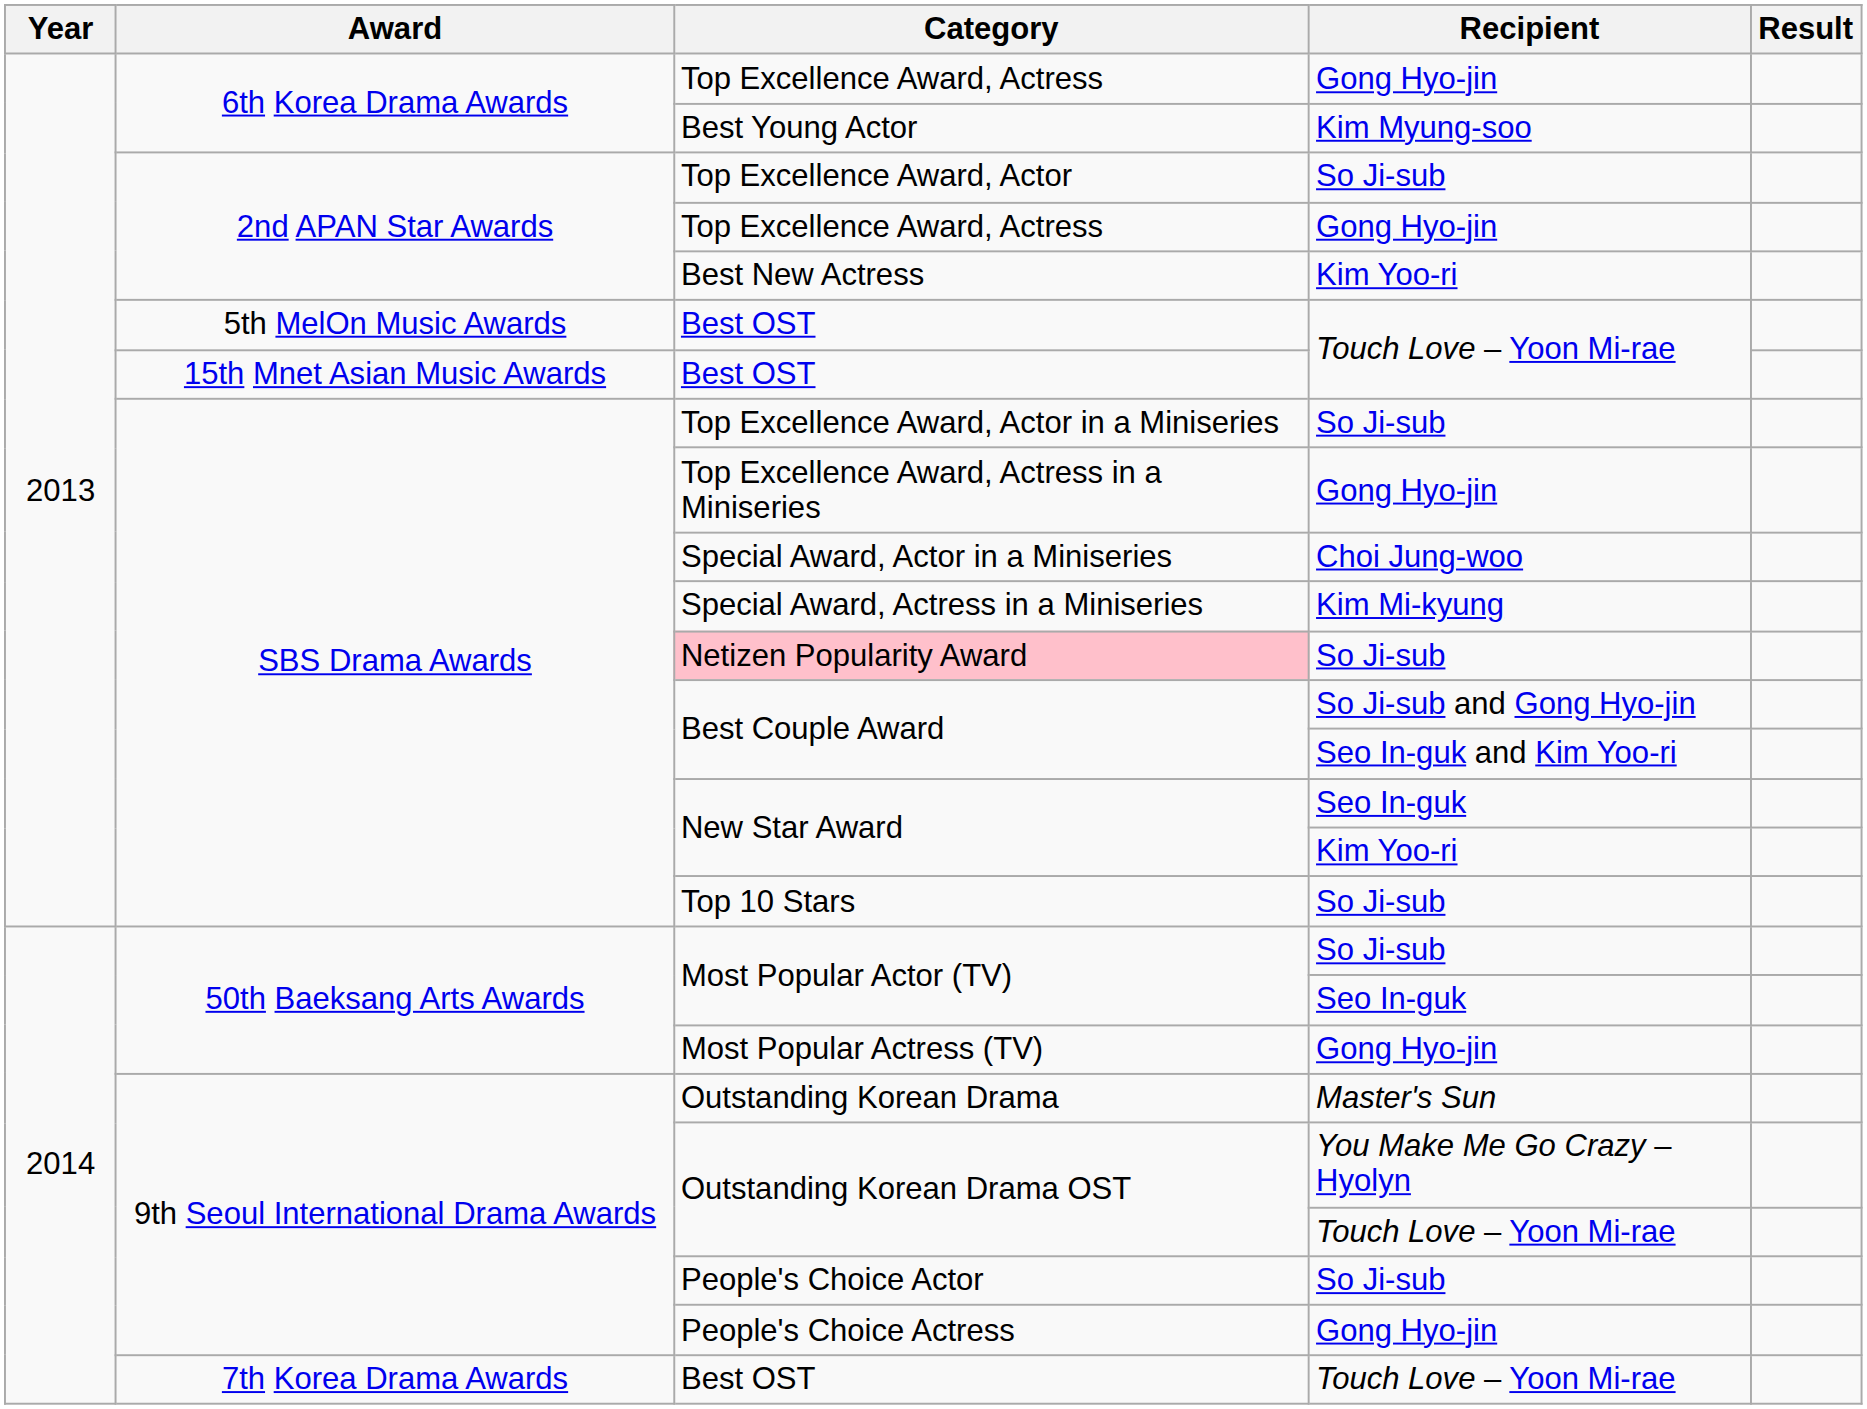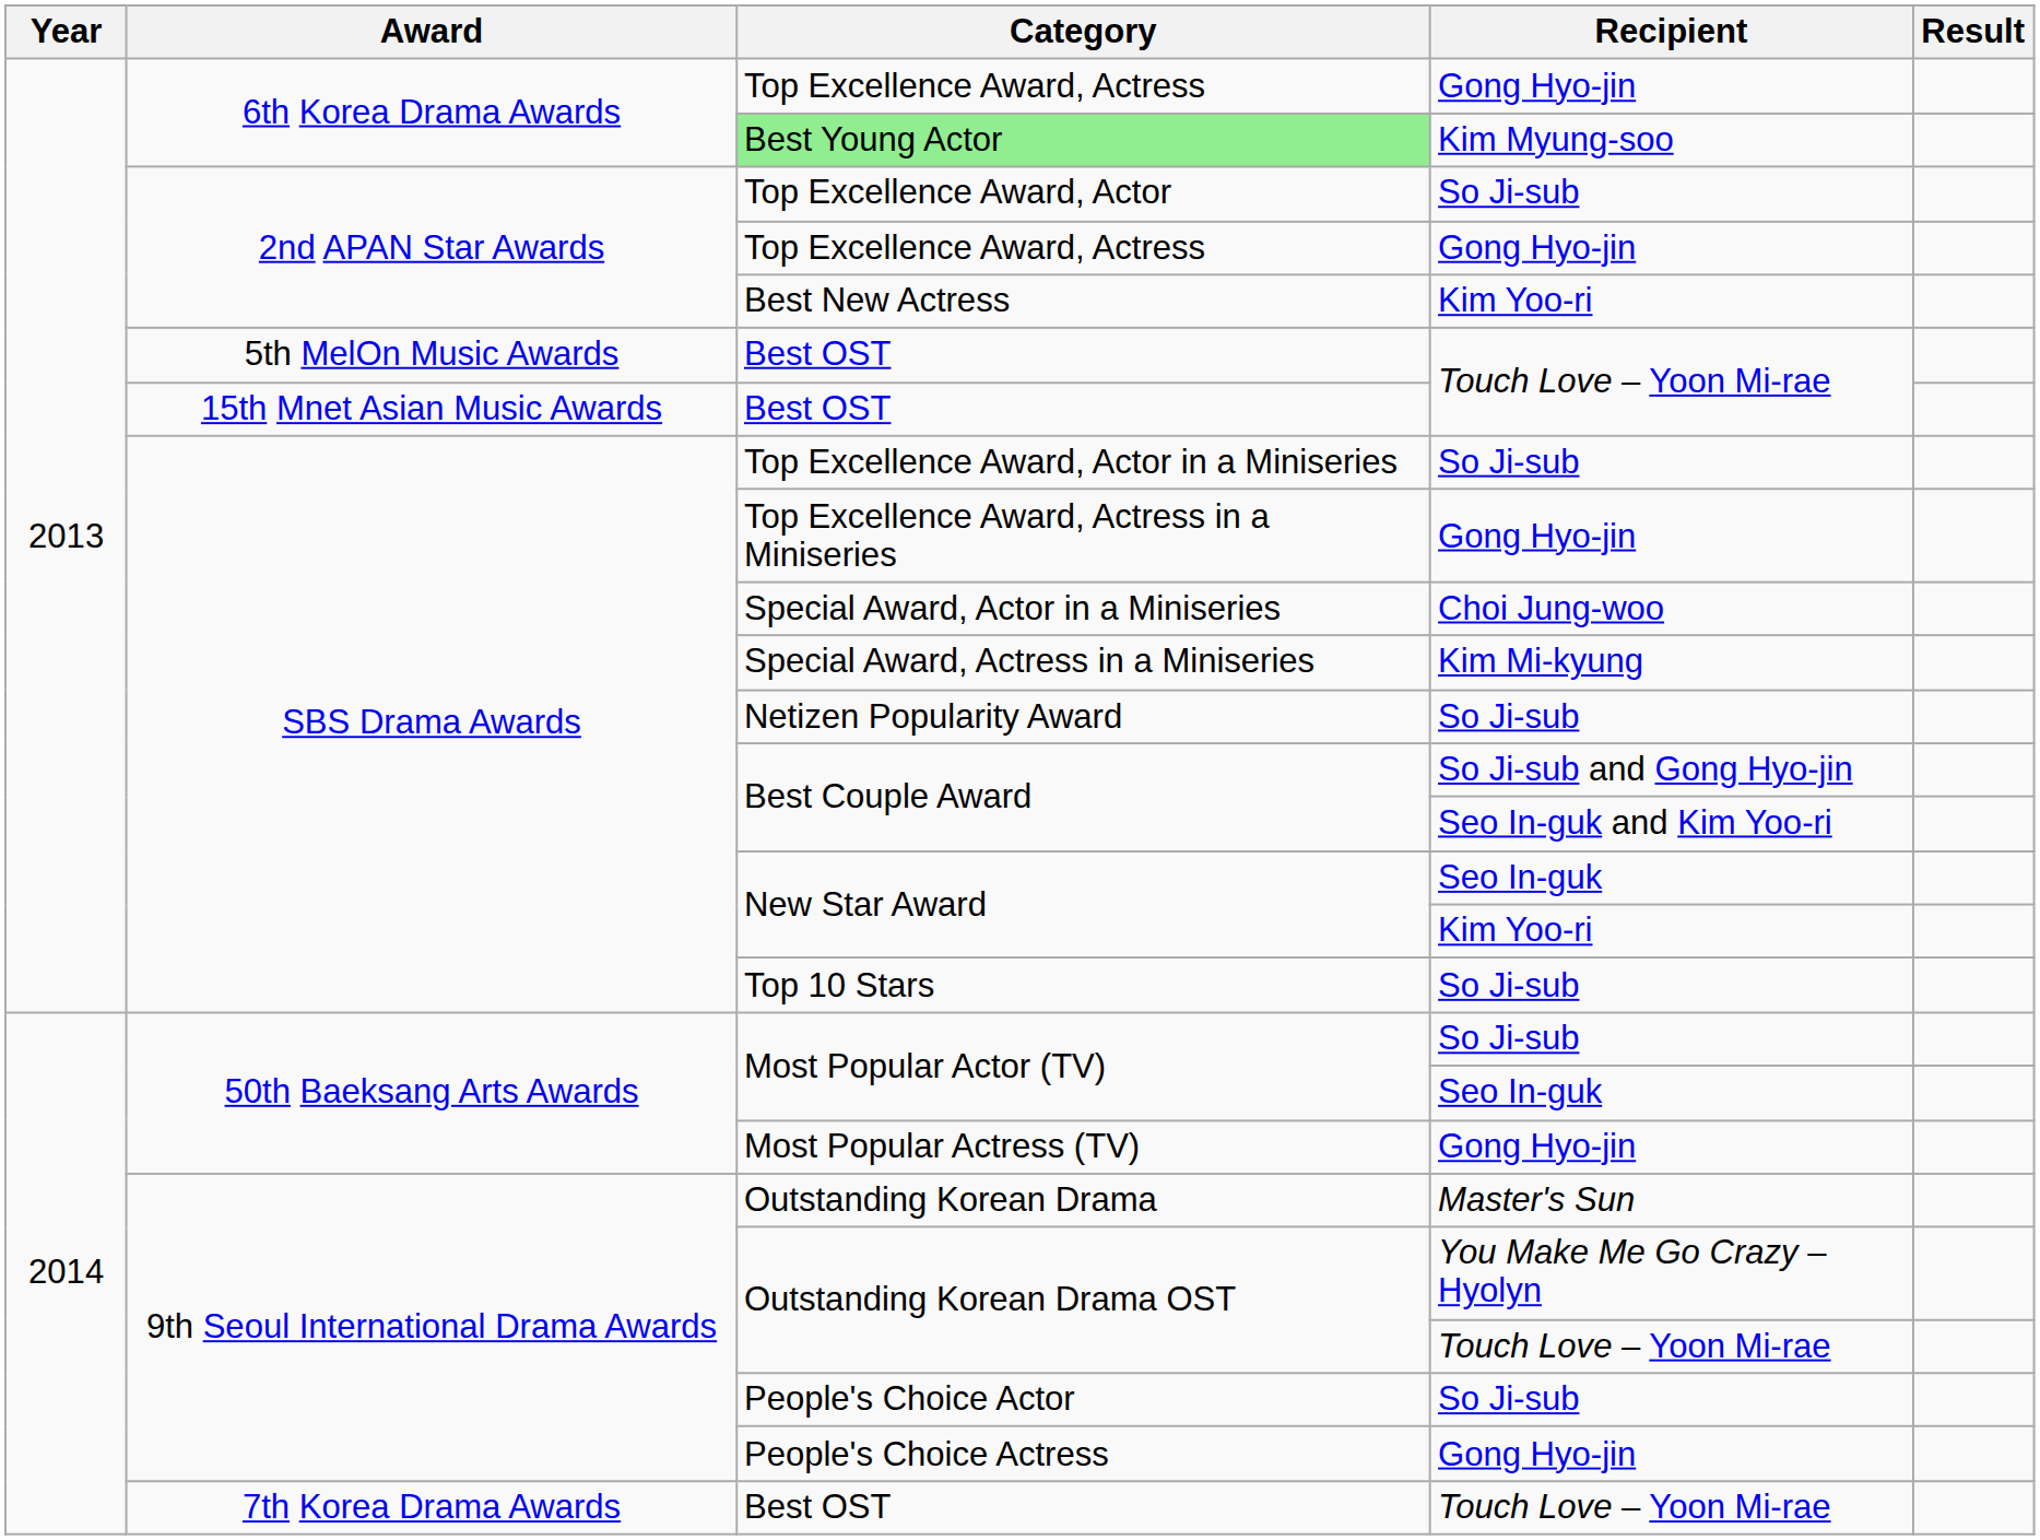 <table class="wikitable">
 <tr>
 <th style="width:50px;">Year</th>
 <th style="width:280px;">Award</th>
 <th style="width:320px;">Category</th>
 <th style="width:220px;">Recipient</th>
 <th style="width:50px;">Result</th>
 </tr>
 <tr>
 <td rowspan="17" style="text-align:center">2013</td>
 <td rowspan="2" style="text-align:center"><a href='#'>6th</a> <a href='#'>Korea Drama Awards</a></td>
 <td>Top Excellence Award, Actress</td>
 <td><a href='#'>Gong Hyo-jin</a></td>
 <td></td>
 </tr>
 <tr>
-<td>Best Young Actor</td>
+<td style="background: lightgreen;">Best Young Actor</td>
 <td><a href='#'>Kim Myung-soo</a></td>
 <td></td>
 </tr>
 <tr>
 <td rowspan="3" style="text-align:center"><a href='#'>2nd</a> <a href='#'>APAN Star Awards</a></td>
 <td>Top Excellence Award, Actor</td>
 <td><a href='#'>So Ji-sub</a></td>
 <td></td>
 </tr>
 <tr>
 <td>Top Excellence Award, Actress</td>
 <td><a href='#'>Gong Hyo-jin</a></td>
 <td></td>
 </tr>
 <tr>
 <td>Best New Actress</td>
 <td><a href='#'>Kim Yoo-ri</a></td>
 <td></td>
 </tr>
 <tr>
 <td style="text-align:center">5th <a href='#'>MelOn Music Awards</a></td>
 <td><a href='#'>Best OST</a></td>
 <td rowspan="2"><em>Touch Love</em> – <a href='#'>Yoon Mi-rae</a></td>
 <td></td>
 </tr>
 <tr>
 <td style="text-align:center"><a href='#'>15th</a> <a href='#'>Mnet Asian Music Awards</a></td>
 <td><a href='#'>Best OST</a></td>
 <td></td>
 </tr>
 <tr>
 <td rowspan="10" style="text-align:center"><a href='#'>SBS Drama Awards</a></td>
 <td>Top Excellence Award, Actor in a Miniseries</td>
 <td><a href='#'>So Ji-sub</a></td>
 <td></td>
 </tr>
 <tr>
 <td>Top Excellence Award, Actress in a Miniseries</td>
 <td><a href='#'>Gong Hyo-jin</a></td>
 <td></td>
 </tr>
 <tr>
 <td>Special Award, Actor in a Miniseries</td>
 <td><a href='#'>Choi Jung-woo</a></td>
 <td></td>
 </tr>
 <tr>
 <td>Special Award, Actress in a Miniseries</td>
 <td><a href='#'>Kim Mi-kyung</a></td>
 <td></td>
 </tr>
 <tr>
-<td style="background: pink;">Netizen Popularity Award</td>
+<td>Netizen Popularity Award</td>
 <td><a href='#'>So Ji-sub</a></td>
 <td></td>
 </tr>
 <tr>
 <td rowspan="2">Best Couple Award</td>
 <td><a href='#'>So Ji-sub</a> and <a href='#'>Gong Hyo-jin</a></td>
 <td></td>
 </tr>
 <tr>
 <td><a href='#'>Seo In-guk</a> and <a href='#'>Kim Yoo-ri</a></td>
 <td></td>
 </tr>
 <tr>
 <td rowspan="2">New Star Award</td>
 <td><a href='#'>Seo In-guk</a></td>
 <td></td>
 </tr>
 <tr>
 <td><a href='#'>Kim Yoo-ri</a></td>
 <td></td>
 </tr>
 <tr>
 <td>Top 10 Stars</td>
 <td><a href='#'>So Ji-sub</a></td>
 <td></td>
 </tr>
 <tr>
 <td rowspan="9" style="text-align:center">2014</td>
 <td rowspan="3" style="text-align:center"><a href='#'>50th</a> <a href='#'>Baeksang Arts Awards</a></td>
 <td rowspan="2">Most Popular Actor (TV)</td>
 <td><a href='#'>So Ji-sub</a></td>
 <td></td>
 </tr>
 <tr>
 <td><a href='#'>Seo In-guk</a></td>
 <td></td>
 </tr>
 <tr>
 <td>Most Popular Actress (TV)</td>
 <td><a href='#'>Gong Hyo-jin</a></td>
 <td></td>
 </tr>
 <tr>
 <td rowspan="5" style="text-align:center">9th <a href='#'>Seoul International Drama Awards</a></td>
 <td>Outstanding Korean Drama</td>
 <td><em>Master's Sun</em></td>
 <td></td>
 </tr>
 <tr>
 <td rowspan="2">Outstanding Korean Drama OST</td>
 <td><em>You Make Me Go Crazy</em> – <a href='#'>Hyolyn</a></td>
 <td></td>
 </tr>
 <tr>
 <td><em>Touch Love</em> – <a href='#'>Yoon Mi-rae</a></td>
 <td></td>
 </tr>
 <tr>
 <td>People's Choice Actor</td>
 <td><a href='#'>So Ji-sub</a></td>
 <td></td>
 </tr>
 <tr>
 <td>People's Choice Actress</td>
 <td><a href='#'>Gong Hyo-jin</a></td>
 <td></td>
 </tr>
 <tr>
 <td style="text-align:center"><a href='#'>7th</a> <a href='#'>Korea Drama Awards</a></td>
 <td>Best OST</td>
 <td><em>Touch Love</em> – <a href='#'>Yoon Mi-rae</a></td>
 <td></td>
 </tr>
 </table>
